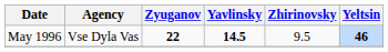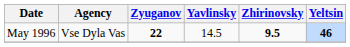 <table class=wikitable style=text-align:center>
 <tr>
 <th>Date</th>
 <th>Agency</th>
 <th><a href='#'>Zyuganov</a></th>
 <th><a href='#'>Yavlinsky</a></th>
 <th><a href='#'>Zhirinovsky</a></th>
 <th><a href='#'>Yeltsin</a></th>
 </tr>
 <tr>
 <td>May 1996</td>
 <td>Vse Dyla Vas</td>
 <td><strong>22</strong></td>
-<td><strong>14.5</strong></td>
-<td>9.5</td>
+<td>14.5</td>
+<td><strong>9.5</strong></td>
 <td style="background:#C0DBFC"><strong>46</strong></td>
 </tr>
 <tr>
 </tr>
 </table>
